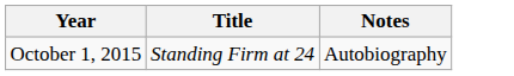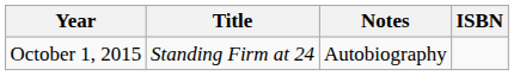 <table class="wikitable">
 <tr style="text-align:center">
 <th scope="col">Year</th>
 <th scope="col">Title</th>
 <th scope="col">Notes</th>
+<th>ISBN</th>
 </tr>
 <tr>
 <td>October 1, 2015</td>
 <td><em>Standing Firm at 24</em></td>
 <td>Autobiography</td>
+<td></td>
 </tr>
 </table>
